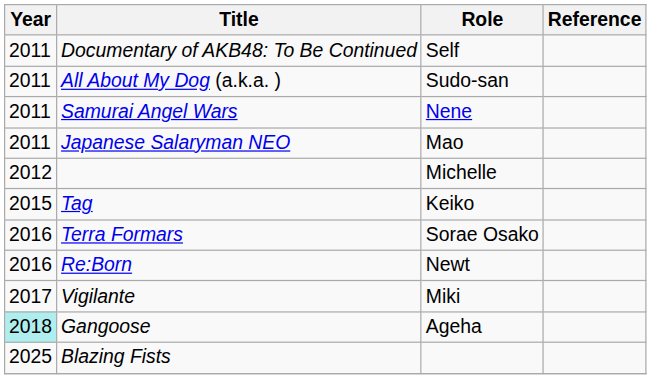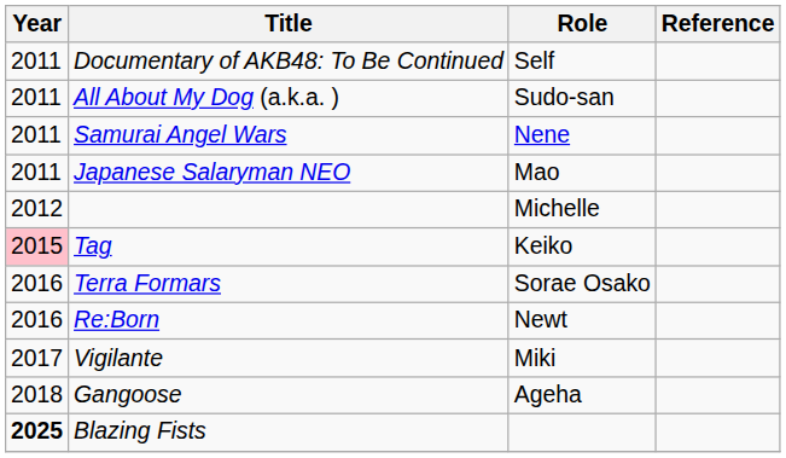 <table class="wikitable">
 <tr>
 <th>Year</th>
 <th>Title</th>
 <th>Role</th>
 <th>Reference</th>
 </tr>
 <tr>
 <td>2011</td>
 <td><em>Documentary of AKB48: To Be Continued</em></td>
 <td>Self</td>
 <td></td>
 </tr>
 <tr>
 <td>2011</td>
 <td><em><a href='#'>All About My Dog</a></em> (a.k.a. )</td>
 <td>Sudo-san</td>
 <td></td>
 </tr>
 <tr>
 <td>2011</td>
 <td><em><a href='#'>Samurai Angel Wars</a></em></td>
 <td><a href='#'>Nene</a></td>
 <td></td>
 </tr>
 <tr>
 <td>2011</td>
 <td><em><a href='#'>Japanese Salaryman NEO</a></em></td>
 <td>Mao</td>
 <td></td>
 </tr>
 <tr>
 <td>2012</td>
 <td></td>
 <td>Michelle</td>
 <td></td>
 </tr>
 <tr>
-<td>2015</td>
+<td style="background: pink;">2015</td>
 <td><em><a href='#'>Tag</a></em></td>
 <td>Keiko</td>
 <td></td>
 </tr>
 <tr>
 <td>2016</td>
 <td><em><a href='#'>Terra Formars</a></em></td>
 <td>Sorae Osako</td>
 <td></td>
 </tr>
 <tr>
 <td>2016</td>
 <td><em><a href='#'>Re:Born</a></em></td>
 <td>Newt</td>
 <td></td>
 </tr>
 <tr>
 <td>2017</td>
 <td><em>Vigilante</em></td>
 <td>Miki</td>
 <td></td>
 </tr>
 <tr>
-<td style="background: paleturquoise;">2018</td>
+<td>2018</td>
 <td><em>Gangoose</em></td>
 <td>Ageha</td>
 <td></td>
 </tr>
 <tr>
-<td>2025</td>
+<td><strong>2025</strong></td>
 <td><em>Blazing Fists</em></td>
 <td></td>
 <td></td>
 </tr>
 <tr>
 </tr>
 </table>
